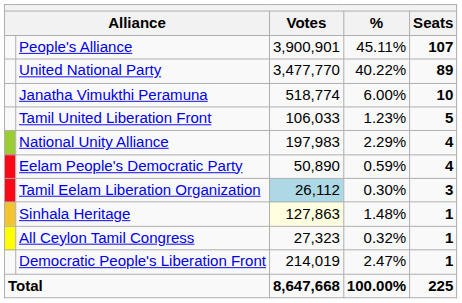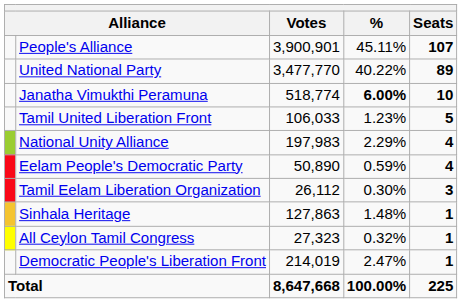 <table class="wikitable" border="1" style="text-align:right;">
 <tr>
 <th colspan="5"></th>
 </tr>
 <tr>
 <th colspan=2>Alliance</th>
 <th width="60">Votes</th>
 <th width="50">%</th>
 <th width="40">Seats</th>
 </tr>
 <tr>
 <td bgcolor=> </td>
 <td align=left><a href='#'>People's Alliance</a></td>
 <td>3,900,901</td>
 <td>45.11%</td>
 <td><strong>107</strong></td>
 </tr>
 <tr>
 <td bgcolor=> </td>
 <td align=left><a href='#'>United National Party</a></td>
 <td>3,477,770</td>
 <td>40.22%</td>
 <td><strong>89</strong></td>
 </tr>
 <tr>
 <td bgcolor=> </td>
 <td align=left><a href='#'>Janatha Vimukthi Peramuna</a></td>
 <td>518,774</td>
-<td>6.00%</td>
+<td><strong>6.00%</strong></td>
 <td><strong>10</strong></td>
 </tr>
 <tr>
 <td bgcolor=> </td>
 <td align=left><a href='#'>Tamil United Liberation Front</a></td>
 <td>106,033</td>
 <td>1.23%</td>
 <td><strong>5</strong></td>
 </tr>
 <tr>
 <td bgcolor=#9acd32> </td>
 <td align=left><a href='#'>National Unity Alliance</a></td>
 <td>197,983</td>
 <td>2.29%</td>
 <td><strong>4</strong></td>
 </tr>
 <tr>
 <td bgcolor=#F90818> </td>
 <td align=left><a href='#'>Eelam People's Democratic Party</a></td>
 <td>50,890</td>
 <td>0.59%</td>
 <td><strong>4</strong></td>
 </tr>
 <tr>
 <td bgcolor=#F90818> </td>
 <td align=left><a href='#'>Tamil Eelam Liberation Organization</a></td>
-<td style="background: lightblue;">26,112</td>
+<td>26,112</td>
 <td>0.30%</td>
 <td><strong>3</strong></td>
 </tr>
 <tr>
 <td bgcolor="#F4C430"> </td>
 <td align=left><a href='#'>Sinhala Heritage</a></td>
-<td style="background: lightyellow;">127,863</td>
+<td>127,863</td>
 <td>1.48%</td>
 <td><strong>1</strong></td>
 </tr>
 <tr>
 <td bgcolor=#FFFF00> </td>
 <td align=left><a href='#'>All Ceylon Tamil Congress</a></td>
 <td>27,323</td>
 <td>0.32%</td>
 <td><strong>1</strong></td>
 </tr>
 <tr>
 <td></td>
 <td align=left><a href='#'>Democratic People's Liberation Front</a></td>
 <td>214,019</td>
 <td>2.47%</td>
 <td><strong>1</strong></td>
 </tr>
 <tr>
 <td colspan=2 align=left><strong>Total</strong></td>
 <td><strong>8,647,668</strong></td>
 <td><strong>100.00%</strong></td>
 <td><strong>225</strong></td>
 </tr>
 </table>
